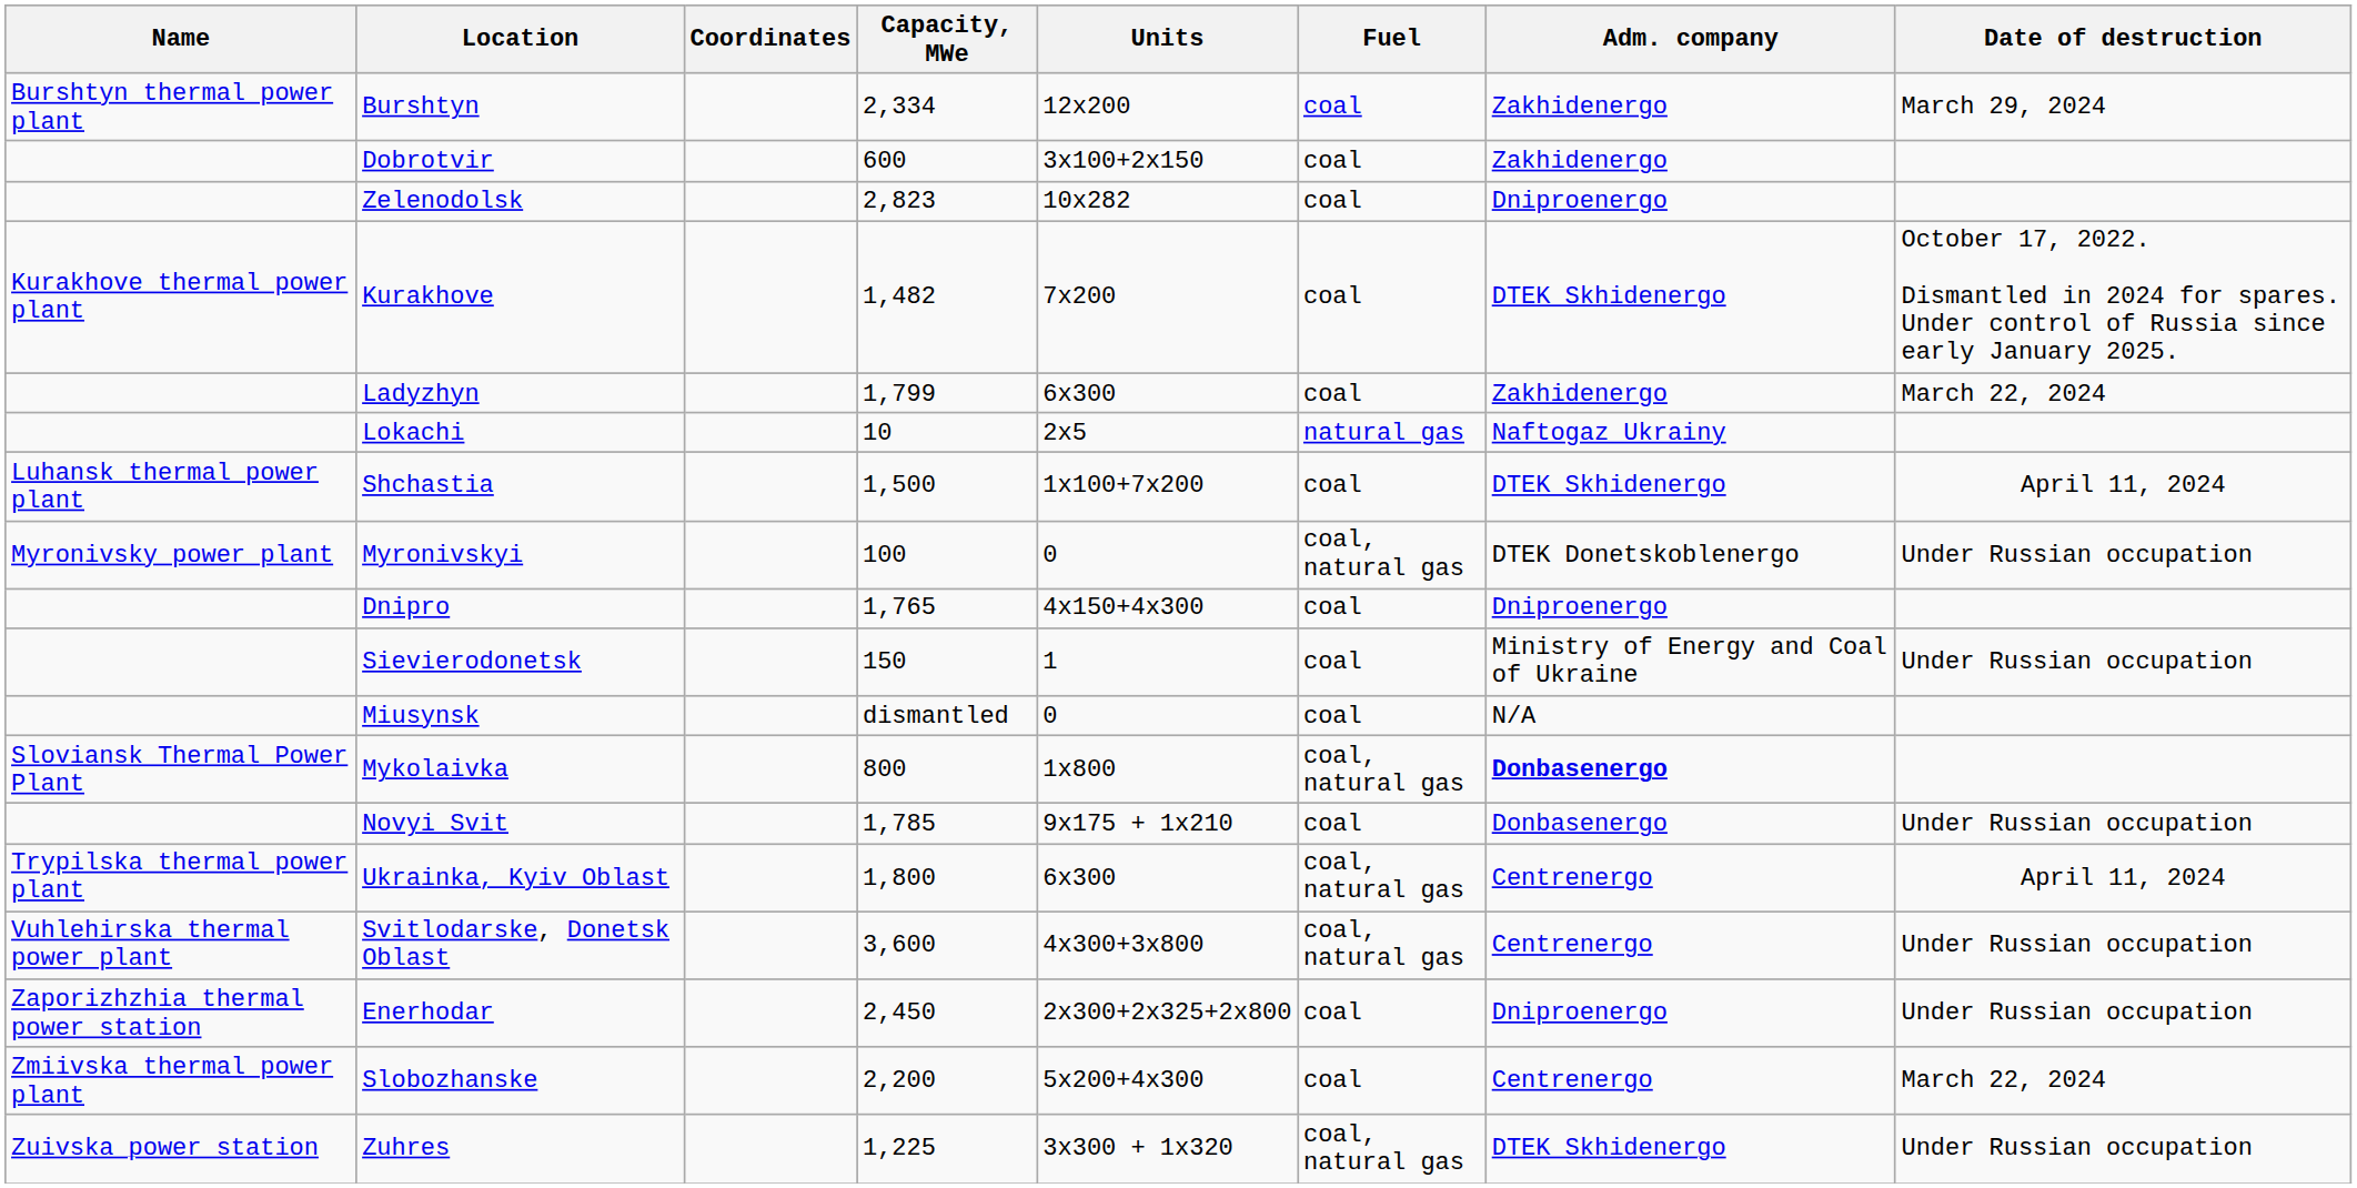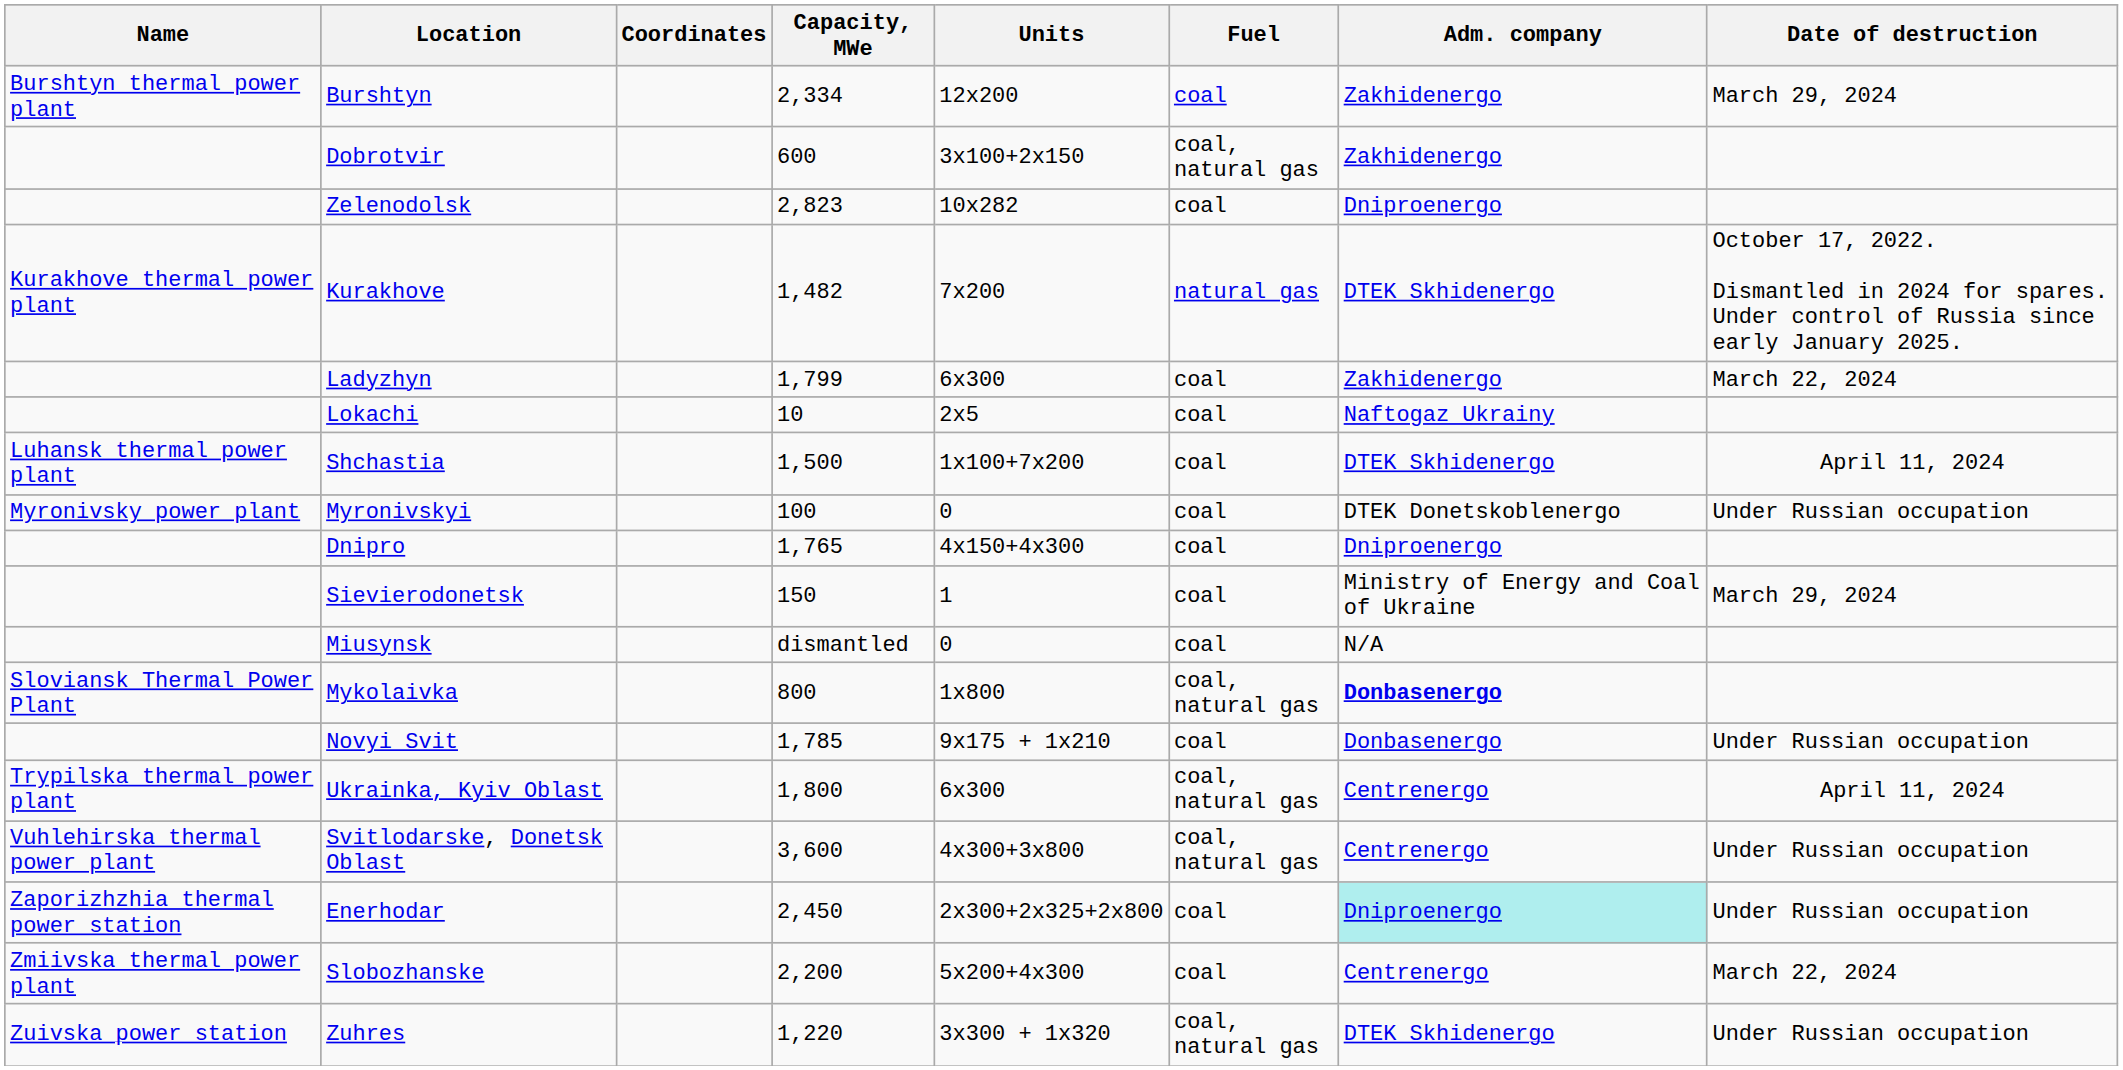 <table class="wikitable sortable">
 <tr>
 <th>Name</th>
 <th>Location</th>
 <th>Coordinates</th>
 <th>Capacity, MWe</th>
 <th>Units</th>
 <th>Fuel</th>
 <th>Adm. company</th>
 <th>Date of destruction</th>
 </tr>
 <tr>
 <td><a href='#'>Burshtyn thermal power plant</a></td>
 <td><a href='#'>Burshtyn</a></td>
 <td></td>
 <td>2,334</td>
 <td>12x200</td>
 <td><a href='#'>coal</a></td>
 <td><a href='#'>Zakhidenergo</a></td>
 <td>March 29, 2024</td>
 </tr>
 <tr>
 <td></td>
 <td><a href='#'>Dobrotvir</a></td>
 <td></td>
 <td>600</td>
 <td>3x100+2x150</td>
-<td>coal</td>
+<td>coal, natural gas</td>
 <td><a href='#'>Zakhidenergo</a></td>
 <td></td>
 </tr>
 <tr>
 <td></td>
 <td><a href='#'>Zelenodolsk</a></td>
 <td></td>
 <td>2,823</td>
 <td>10x282</td>
 <td>coal</td>
 <td><a href='#'>Dniproenergo</a></td>
 <td></td>
 </tr>
 <tr>
 <td><a href='#'>Kurakhove thermal power plant</a></td>
 <td><a href='#'>Kurakhove</a></td>
 <td></td>
 <td>1,482</td>
 <td>7x200</td>
-<td>coal</td>
+<td><a href='#'>natural gas</a></td>
 <td><a href='#'>DTEK Skhidenergo</a></td>
 <td>October 17, 2022.<br><br>Dismantled in 2024 for spares.<br> Under control of Russia since early January 2025.</td>
 </tr>
 <tr>
 <td></td>
 <td><a href='#'>Ladyzhyn</a></td>
 <td></td>
 <td>1,799</td>
 <td>6x300</td>
 <td>coal</td>
 <td><a href='#'>Zakhidenergo</a></td>
 <td>March 22, 2024</td>
 </tr>
 <tr>
 <td></td>
 <td><a href='#'>Lokachi</a></td>
 <td></td>
 <td>10</td>
 <td>2x5</td>
-<td><a href='#'>natural gas</a></td>
+<td>coal</td>
 <td><a href='#'>Naftogaz Ukrainy</a></td>
 <td></td>
 </tr>
 <tr>
 <td><a href='#'>Luhansk thermal power plant</a></td>
 <td><a href='#'>Shchastia</a></td>
 <td></td>
 <td>1,500</td>
 <td>1x100+7x200</td>
 <td>coal</td>
 <td><a href='#'>DTEK Skhidenergo</a></td>
 <td align="center">April 11, 2024</td>
 </tr>
 <tr>
 <td><a href='#'>Myronivsky power plant</a></td>
 <td><a href='#'>Myronivskyi</a></td>
 <td></td>
 <td>100</td>
 <td>0</td>
-<td>coal, natural gas</td>
+<td>coal</td>
 <td>DTEK Donetskoblenergo</td>
 <td>Under Russian occupation</td>
 </tr>
 <tr>
 <td></td>
 <td><a href='#'>Dnipro</a></td>
 <td></td>
 <td>1,765</td>
 <td>4x150+4x300</td>
 <td>coal</td>
 <td><a href='#'>Dniproenergo</a></td>
 <td></td>
 </tr>
 <tr>
 <td></td>
 <td><a href='#'>Sievierodonetsk</a></td>
 <td></td>
 <td>150</td>
 <td>1</td>
 <td>coal</td>
 <td>Ministry of Energy and Coal of Ukraine</td>
-<td>Under Russian occupation</td>
+<td>March 29, 2024</td>
 </tr>
 <tr>
 <td></td>
 <td><a href='#'>Miusynsk</a></td>
 <td></td>
 <td>dismantled</td>
 <td>0</td>
 <td>coal</td>
 <td>N/A</td>
 <td></td>
 </tr>
 <tr>
 <td><a href='#'>Sloviansk Thermal Power Plant</a></td>
 <td><a href='#'>Mykolaivka</a></td>
 <td></td>
 <td>800</td>
 <td>1x800</td>
 <td>coal, natural gas</td>
 <td><strong><a href='#'>Donbasenergo</a></strong></td>
 <td></td>
 </tr>
 <tr>
 <td></td>
 <td><a href='#'>Novyi Svit</a></td>
 <td></td>
 <td>1,785</td>
 <td>9x175 + 1x210</td>
 <td>coal</td>
 <td><a href='#'>Donbasenergo</a></td>
 <td>Under Russian occupation</td>
 </tr>
 <tr>
 <td><span> <a href='#'>Trypilska thermal power plant</a></span></td>
 <td><a href='#'>Ukrainka, Kyiv Oblast</a></td>
 <td></td>
 <td>1,800</td>
 <td>6x300</td>
 <td>coal, natural gas</td>
 <td><a href='#'>Centrenergo</a></td>
 <td align="center">April 11, 2024</td>
 </tr>
 <tr>
 <td><a href='#'>Vuhlehirska thermal power plant</a></td>
 <td><a href='#'>Svitlodarske</a>, <a href='#'>Donetsk Oblast</a></td>
 <td></td>
 <td>3,600</td>
 <td>4x300+3x800</td>
 <td>coal, natural gas</td>
 <td><a href='#'>Centrenergo</a></td>
 <td>Under Russian occupation</td>
 </tr>
 <tr>
 <td><a href='#'>Zaporizhzhia thermal power station</a></td>
 <td><a href='#'>Enerhodar</a></td>
 <td></td>
 <td>2,450</td>
 <td>2x300+2x325+2x800</td>
 <td>coal</td>
-<td><a href='#'>Dniproenergo</a></td>
+<td style="background: paleturquoise;"><a href='#'>Dniproenergo</a></td>
 <td>Under Russian occupation</td>
 </tr>
 <tr>
 <td><span><a href='#'>Zmiivska thermal power plant</a></span></td>
 <td><a href='#'>Slobozhanske</a></td>
 <td></td>
 <td>2,200</td>
 <td>5x200+4x300</td>
 <td>coal</td>
 <td><a href='#'>Centrenergo</a></td>
 <td>March 22, 2024</td>
 </tr>
 <tr>
 <td><a href='#'>Zuivska power station</a></td>
 <td><a href='#'>Zuhres</a></td>
 <td></td>
-<td>1,225</td>
+<td>1,220</td>
 <td>3x300 + 1x320</td>
 <td>coal, natural gas</td>
 <td><a href='#'>DTEK Skhidenergo</a></td>
 <td>Under Russian occupation</td>
 </tr>
 </table>
